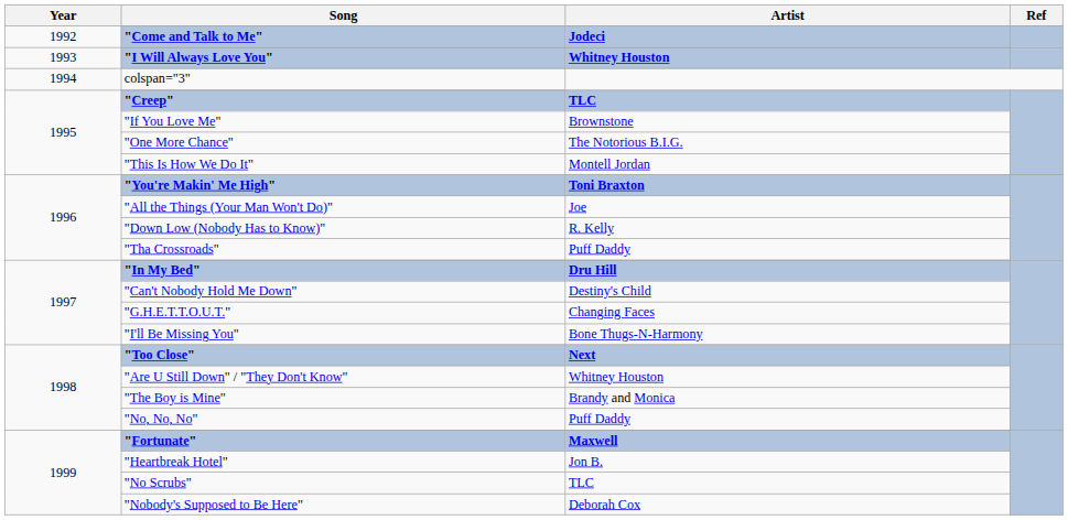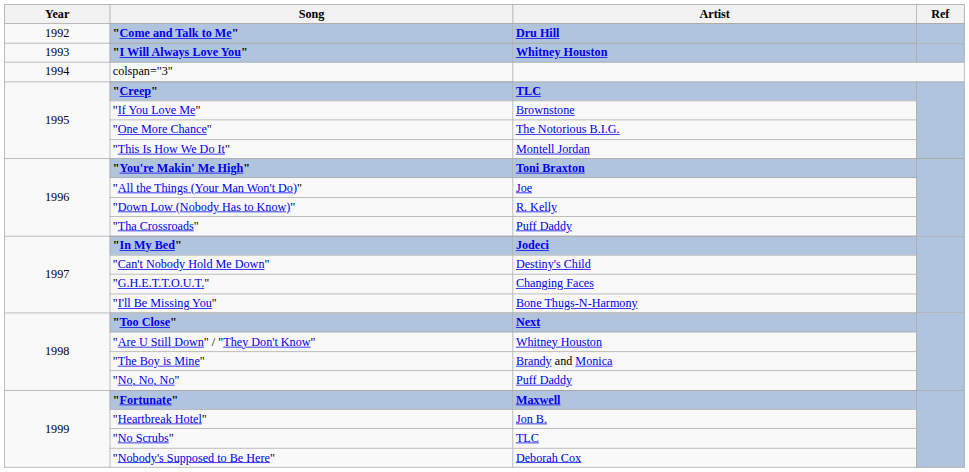 <table class="wikitable" style="width:100%;">
 <tr style="background:#bebebe;">
 <th style="width:11%;">Year</th>
 <th style="width:42%;">Song</th>
 <th style="width:42%;">Artist</th>
 <th style="width:5%;">Ref</th>
 </tr>
 <tr>
 <td rowspan="2" align="center">1992</td>
 </tr>
 <tr style="background:#B0C4DE">
 <td><strong>"<a href='#'>Come and Talk to Me</a>"</strong></td>
-<td><strong><a href='#'>Jodeci</a></strong></td>
+<td><strong><a href='#'>Dru Hill</a></strong></td>
 <td rowspan="2" align="center"></td>
 </tr>
 <tr>
 <td rowspan="2" align="center">1993</td>
 </tr>
 <tr style="background:#B0C4DE">
 <td><strong>"<a href='#'>I Will Always Love You</a>"</strong></td>
 <td><strong><a href='#'>Whitney Houston</a></strong></td>
 <td align="center"></td>
 </tr>
 <tr>
 <td align="center">1994</td>
 <td>colspan="3" </td>
 </tr>
 <tr>
 <td rowspan="5" align="center">1995</td>
 </tr>
 <tr style="background:#B0C4DE">
 <td><strong>"<a href='#'>Creep</a>"</strong></td>
 <td><strong><a href='#'>TLC</a></strong></td>
 <td rowspan="4" align="center"></td>
 </tr>
 <tr>
 <td>"<a href='#'>If You Love Me</a>"</td>
 <td><a href='#'>Brownstone</a></td>
 </tr>
 <tr>
 <td>"<a href='#'>One More Chance</a>"</td>
 <td><a href='#'>The Notorious B.I.G.</a></td>
 </tr>
 <tr>
 <td>"<a href='#'>This Is How We Do It</a>"</td>
 <td><a href='#'>Montell Jordan</a></td>
 </tr>
 <tr>
 <td rowspan="5" align="center">1996</td>
 </tr>
 <tr style="background:#B0C4DE">
 <td><strong>"<a href='#'>You're Makin' Me High</a>"</strong></td>
 <td><strong><a href='#'>Toni Braxton</a></strong></td>
 <td rowspan="5" align="center"></td>
 </tr>
 <tr>
 <td>"<a href='#'>All the Things (Your Man Won't Do)</a>"</td>
 <td><a href='#'>Joe</a></td>
 </tr>
 <tr>
 <td>"<a href='#'>Down Low (Nobody Has to Know)</a>"</td>
 <td><a href='#'>R. Kelly</a> </td>
 </tr>
 <tr>
 <td>"<a href='#'>Tha Crossroads</a>"</td>
 <td><a href='#'>Puff Daddy</a> </td>
 </tr>
 <tr>
 <td rowspan="5" align="center">1997</td>
 </tr>
 <tr style="background:#B0C4DE">
 <td><strong>"<a href='#'>In My Bed</a>"</strong></td>
-<td><strong><a href='#'>Dru Hill</a></strong></td>
+<td><strong><a href='#'>Jodeci</a></strong></td>
 <td rowspan="5" align="center"></td>
 </tr>
 <tr>
 <td>"<a href='#'>Can't Nobody Hold Me Down</a>"</td>
 <td><a href='#'>Destiny's Child</a></td>
 </tr>
 <tr>
 <td>"<a href='#'>G.H.E.T.T.O.U.T.</a>"</td>
 <td><a href='#'>Changing Faces</a></td>
 </tr>
 <tr>
 <td>"<a href='#'>I'll Be Missing You</a>"</td>
 <td><a href='#'>Bone Thugs-N-Harmony</a></td>
 </tr>
 <tr>
 <td rowspan="5" align="center">1998</td>
 </tr>
 <tr style="background:#B0C4DE">
 <td><strong>"<a href='#'>Too Close</a>"</strong></td>
 <td><strong><a href='#'>Next</a></strong></td>
 <td rowspan="5" align="center"></td>
 </tr>
 <tr>
 <td>"<a href='#'>Are U Still Down</a>" / "<a href='#'>They Don't Know</a>"</td>
 <td><a href='#'>Whitney Houston</a> </td>
 </tr>
 <tr>
 <td>"<a href='#'>The Boy is Mine</a>"</td>
 <td><a href='#'>Brandy</a> and <a href='#'>Monica</a></td>
 </tr>
 <tr>
 <td>"<a href='#'>No, No, No</a>"</td>
 <td><a href='#'>Puff Daddy</a> </td>
 </tr>
 <tr>
 <td rowspan="5" align="center">1999</td>
 </tr>
 <tr style="background:#B0C4DE">
 <td><strong>"<a href='#'>Fortunate</a>"</strong></td>
 <td><strong><a href='#'>Maxwell</a></strong></td>
 <td rowspan="5" align="center"></td>
 </tr>
 <tr>
 <td>"<a href='#'>Heartbreak Hotel</a>"</td>
 <td><a href='#'>Jon B.</a></td>
 </tr>
 <tr>
 <td>"<a href='#'>No Scrubs</a>"</td>
 <td><a href='#'>TLC</a></td>
 </tr>
 <tr>
 <td>"<a href='#'>Nobody's Supposed to Be Here</a>"</td>
 <td><a href='#'>Deborah Cox</a></td>
 </tr>
 </table>
